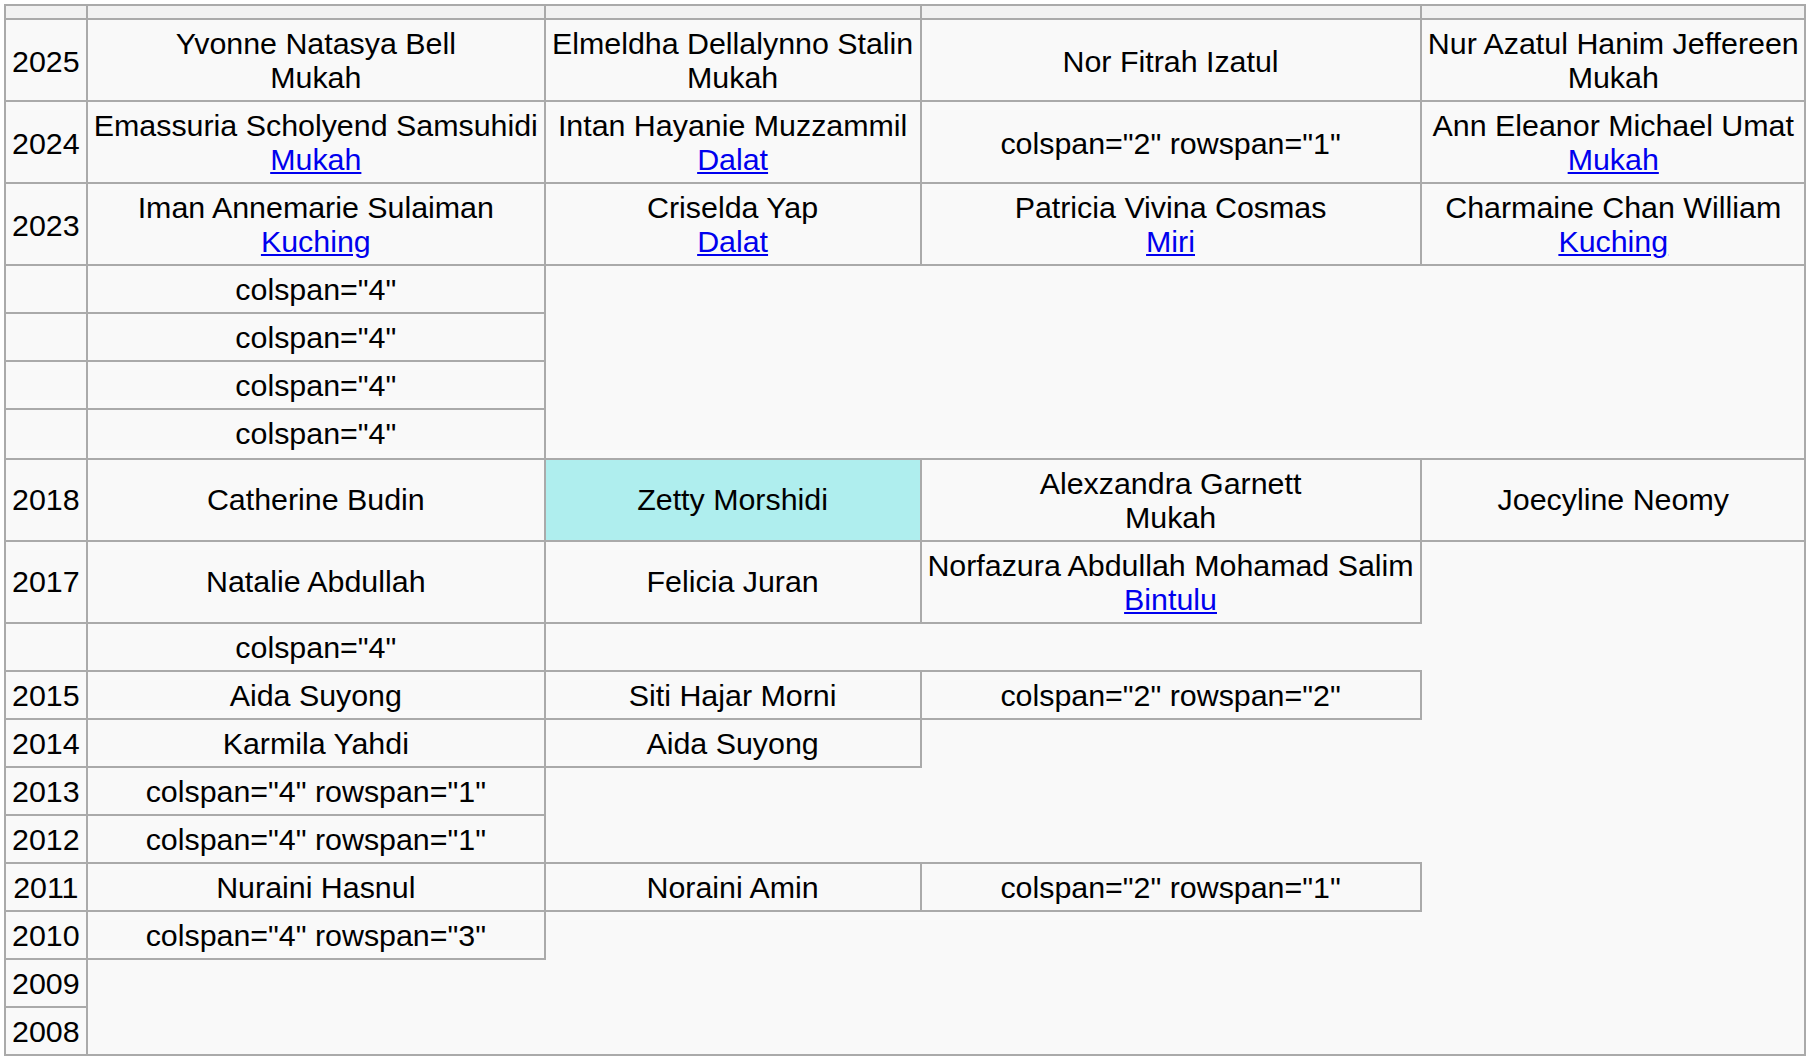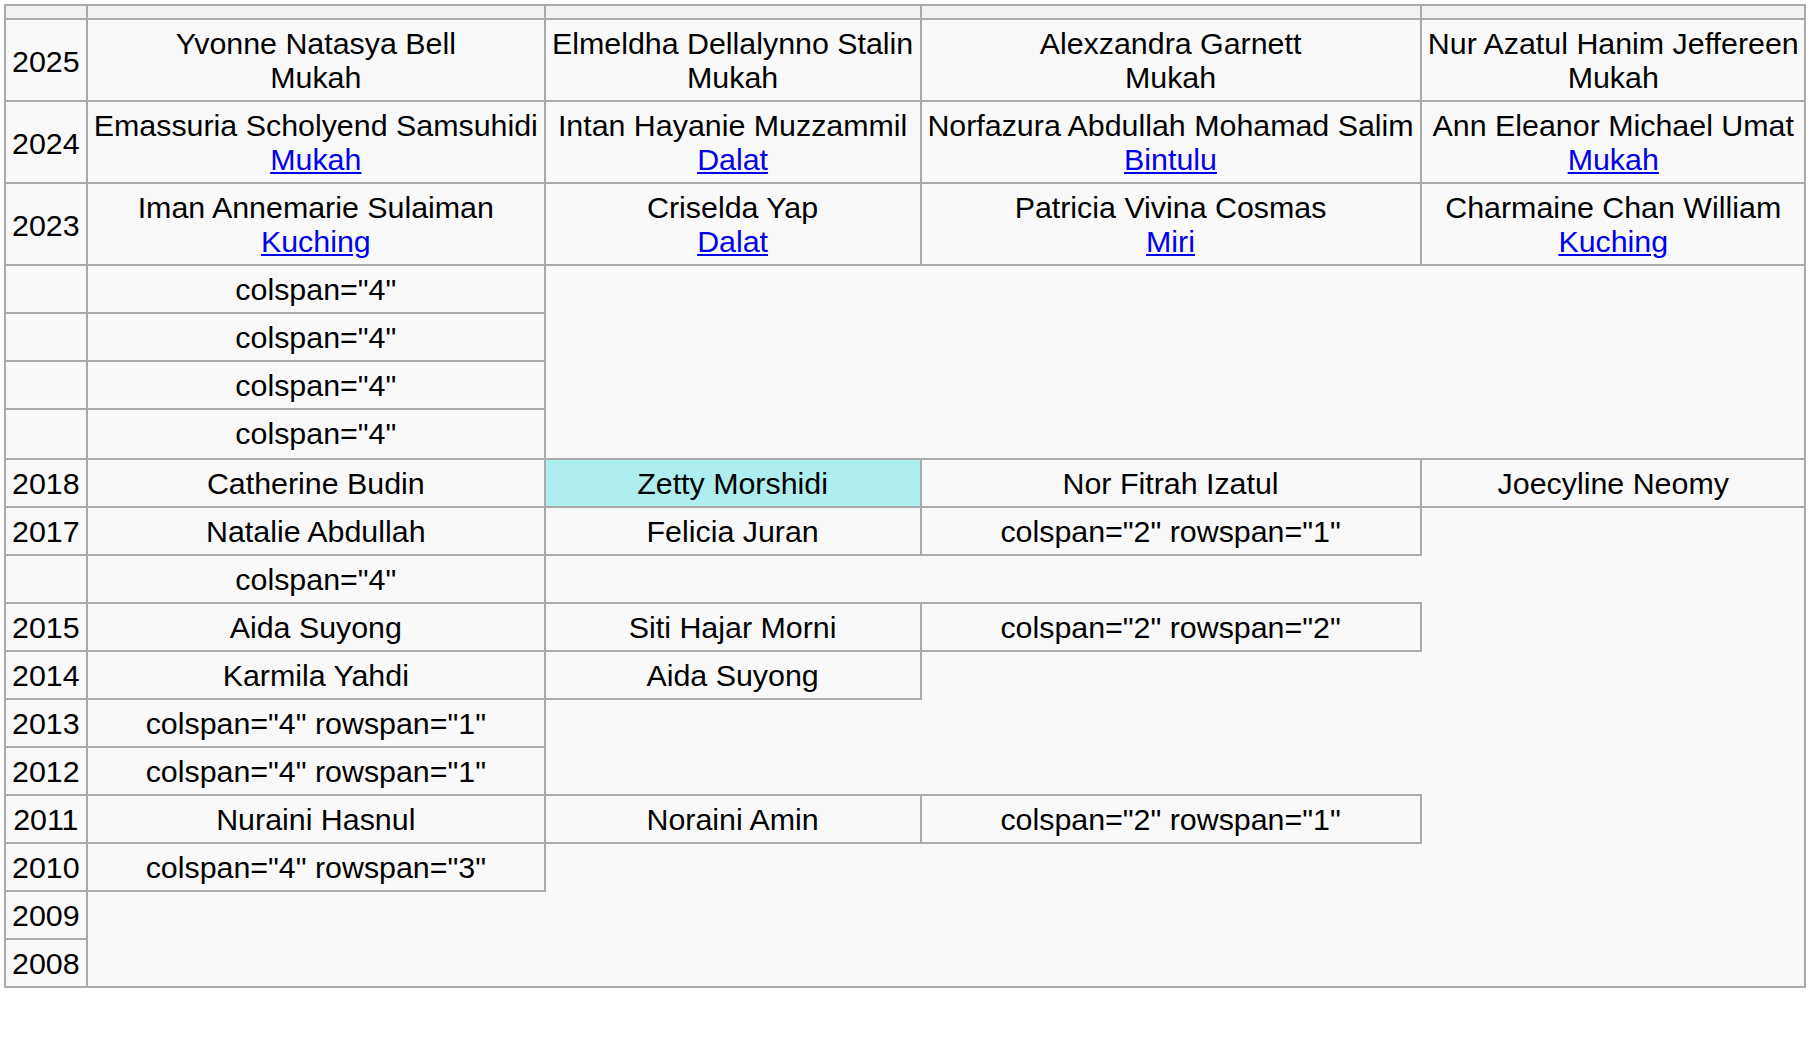 <table class="wikitable sortable" style="font-size: 95%; text-align:center">
 <tr>
 <th></th>
 <th></th>
 <th></th>
 <th></th>
 <th></th>
 </tr>
 <tr>
 <td>2025</td>
 <td>Yvonne Natasya Bell<br>Mukah</td>
 <td>Elmeldha Dellalynno Stalin<br>Mukah</td>
-<td>Nor Fitrah Izatul</td>
+<td>Alexzandra Garnett<br>Mukah</td>
 <td>Nur Azatul Hanim Jeffereen<br>Mukah</td>
 </tr>
 <tr>
 <td>2024</td>
 <td>Emassuria Scholyend Samsuhidi<br><a href='#'>Mukah</a></td>
 <td>Intan Hayanie Muzzammil<br><a href='#'>Dalat</a></td>
-<td>colspan="2" rowspan="1" </td>
+<td>Norfazura Abdullah Mohamad Salim<br><a href='#'>Bintulu</a></td>
 <td>Ann Eleanor Michael Umat<br><a href='#'>Mukah</a></td>
 </tr>
 <tr>
 <td>2023</td>
 <td>Iman Annemarie Sulaiman<br><a href='#'>Kuching</a></td>
 <td>Criselda Yap<br><a href='#'>Dalat</a></td>
 <td>Patricia Vivina Cosmas<br><a href='#'>Miri</a></td>
 <td>Charmaine Chan William<br><a href='#'>Kuching</a></td>
 </tr>
 <tr>
 <td></td>
 <td>colspan="4" </td>
 </tr>
 <tr>
 <td></td>
 <td>colspan="4" </td>
 </tr>
 <tr>
 <td></td>
 <td>colspan="4" </td>
 </tr>
 <tr>
 <td></td>
 <td>colspan="4" </td>
 </tr>
 <tr>
 <td>2018</td>
 <td>Catherine Budin</td>
 <td style="background: paleturquoise;">Zetty Morshidi</td>
-<td>Alexzandra Garnett<br>Mukah</td>
+<td>Nor Fitrah Izatul</td>
 <td>Joecyline Neomy</td>
 </tr>
 <tr>
 <td>2017</td>
 <td>Natalie Abdullah</td>
 <td>Felicia Juran</td>
-<td>Norfazura Abdullah Mohamad Salim<br><a href='#'>Bintulu</a></td>
+<td>colspan="2" rowspan="1" </td>
 </tr>
 <tr>
 <td></td>
 <td>colspan="4" </td>
 </tr>
 <tr>
 <td>2015</td>
 <td>Aida Suyong</td>
 <td>Siti Hajar Morni</td>
 <td>colspan="2" rowspan="2" </td>
 </tr>
 <tr>
 <td>2014</td>
 <td>Karmila Yahdi</td>
 <td>Aida Suyong</td>
 </tr>
 <tr>
 <td>2013</td>
 <td>colspan="4" rowspan="1" </td>
 </tr>
 <tr>
 <td>2012</td>
 <td>colspan="4" rowspan="1" </td>
 </tr>
 <tr>
 <td>2011</td>
 <td>Nuraini Hasnul</td>
 <td>Noraini Amin</td>
 <td>colspan="2" rowspan="1" </td>
 </tr>
 <tr>
 <td>2010</td>
 <td>colspan="4" rowspan="3" </td>
 </tr>
 <tr>
 <td>2009</td>
 </tr>
 <tr>
 <td>2008</td>
 </tr>
 </table>
